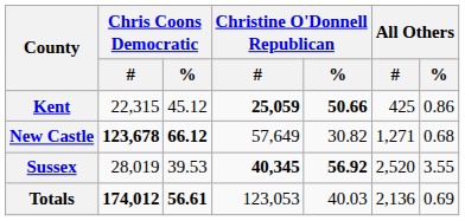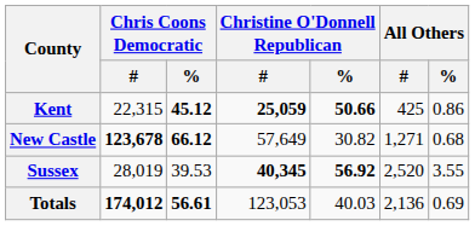 <table class="wikitable sortable" style="text-align:right;font-size:90%;line-height:1.3">
 <tr>
 <th rowspan="2">County</th>
 <th colspan="2"><a href='#'>Chris Coons</a><br><a href='#'>Democratic</a></th>
 <th colspan="2"><a href='#'>Christine O'Donnell</a><br><a href='#'>Republican</a></th>
 <th colspan="2">All Others</th>
 </tr>
 <tr>
 <th data-sort-type="number">#</th>
 <th data-sort-type="number">%</th>
 <th data-sort-type="number">#</th>
 <th data-sort-type="number">%</th>
 <th data-sort-type="number">#</th>
 <th data-sort-type="number">%</th>
 </tr>
 <tr>
 <th><a href='#'>Kent</a></th>
 <td>22,315</td>
-<td>45.12</td>
+<td><strong>45.12</strong></td>
 <td><strong>25,059</strong></td>
 <td><strong>50.66</strong></td>
 <td>425</td>
 <td>0.86</td>
 </tr>
 <tr>
 <th><a href='#'>New Castle</a></th>
 <td><strong>123,678</strong></td>
 <td><strong>66.12</strong></td>
 <td>57,649</td>
 <td>30.82</td>
 <td>1,271</td>
 <td>0.68</td>
 </tr>
 <tr>
 <th><a href='#'>Sussex</a></th>
 <td>28,019</td>
 <td>39.53</td>
 <td><strong>40,345</strong></td>
 <td><strong>56.92</strong></td>
 <td>2,520</td>
 <td>3.55</td>
 </tr>
 <tr class="sortbottom">
 <th>Totals</th>
 <td><strong>174,012</strong></td>
 <td><strong>56.61</strong></td>
 <td>123,053</td>
 <td>40.03</td>
 <td>2,136</td>
 <td>0.69</td>
 </tr>
 </table>
